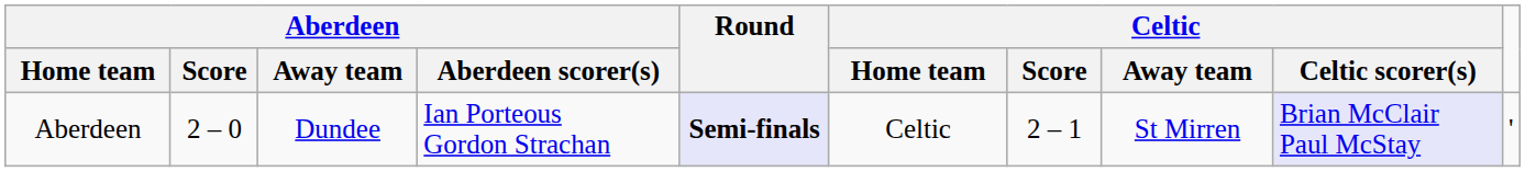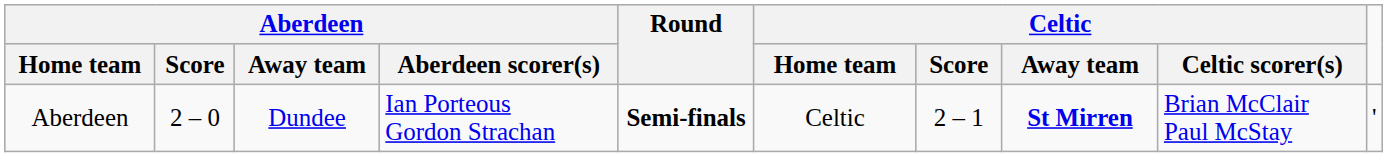 <table width=100% border=0 class=wikitable style="text-align: center">
 <tr valign=top>
 <th colspan=4 width=45%><a href='#'>Aberdeen</a></th>
 <th rowspan=2 valign=center width=10%>Round</th>
 <th colspan=4 width=45%><a href='#'>Celtic</a></th>
 </tr>
 <tr>
 <th>Home team</th>
 <th>Score</th>
 <th>Away team</th>
 <th>Aberdeen scorer(s)</th>
 <th>Home team</th>
 <th>Score</th>
 <th>Away team</th>
 <th>Celtic scorer(s)</th>
 </tr>
 <tr>
 <td>Aberdeen</td>
 <td>2 – 0</td>
 <td><a href='#'>Dundee</a></td>
 <td align=left><a href='#'>Ian Porteous</a> <br> <a href='#'>Gordon Strachan</a> </td>
-<td style="background: lavender;"><strong>Semi-finals</strong></td>
+<td><strong>Semi-finals</strong></td>
 <td>Celtic</td>
 <td>2 – 1</td>
-<td><a href='#'>St Mirren</a></td>
-<td align=left style="background: lavender;"><a href='#'>Brian McClair</a> <br> <a href='#'>Paul McStay</a> </td>
+<td><strong><a href='#'>St Mirren</a></strong></td>
+<td align=left><a href='#'>Brian McClair</a> <br> <a href='#'>Paul McStay</a> </td>
 <td>'</td>
 </tr>
 </table>
